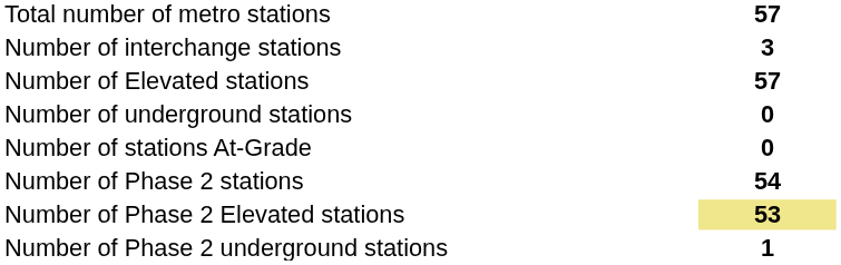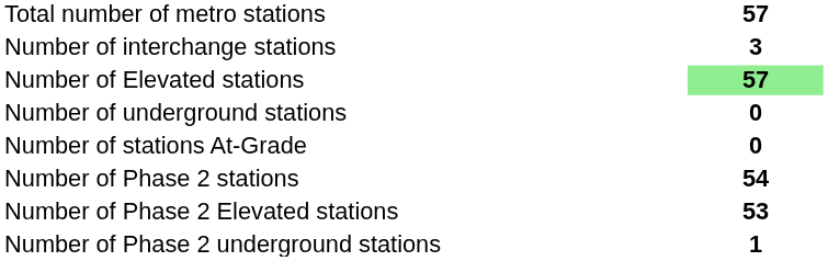 <table class="₠wikitable" width="35%">
 <tr>
 <td>Total number of metro stations</td>
 <td width="5%" align="center"><span><strong>57</strong></span></td>
 </tr>
 <tr>
 <td width="25%">Number of interchange stations</td>
 <td width="5%" align="center"><span><strong>3</strong></span></td>
 </tr>
 <tr>
 <td width="25%">Number of Elevated stations</td>
-<td width="5%" align="center"><span><strong>57</strong></span></td>
+<td width="5%" align="center" style="background: lightgreen;"><span><strong>57</strong></span></td>
 </tr>
 <tr>
 <td width="25%">Number of underground stations</td>
 <td width="5%" align="center"><span><strong>0</strong></span></td>
 </tr>
 <tr>
 <td width="25%">Number of stations At-Grade</td>
 <td width="5%" align="center"><span><strong>0</strong></span></td>
 </tr>
 <tr>
 <td width="25%">Number of Phase 2 stations</td>
 <td width="5%" align="center"><span><strong>54</strong></span></td>
 </tr>
 <tr>
 <td width="25%">Number of Phase 2 Elevated stations</td>
-<td width="5%" align="center" style="background: khaki;"><span><strong>53</strong></span></td>
+<td width="5%" align="center"><span><strong>53</strong></span></td>
 </tr>
 <tr>
 <td width="25%">Number of Phase 2 underground stations</td>
 <td width="5%" align="center"><span><strong>1</strong></span></td>
 </tr>
 </table>
